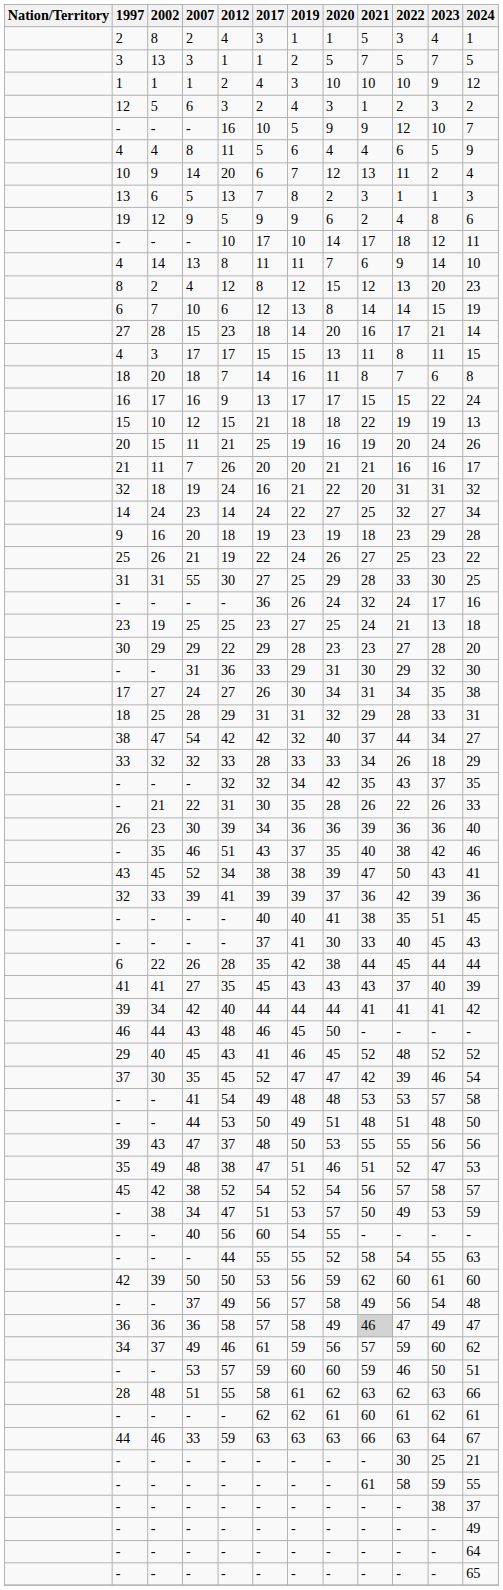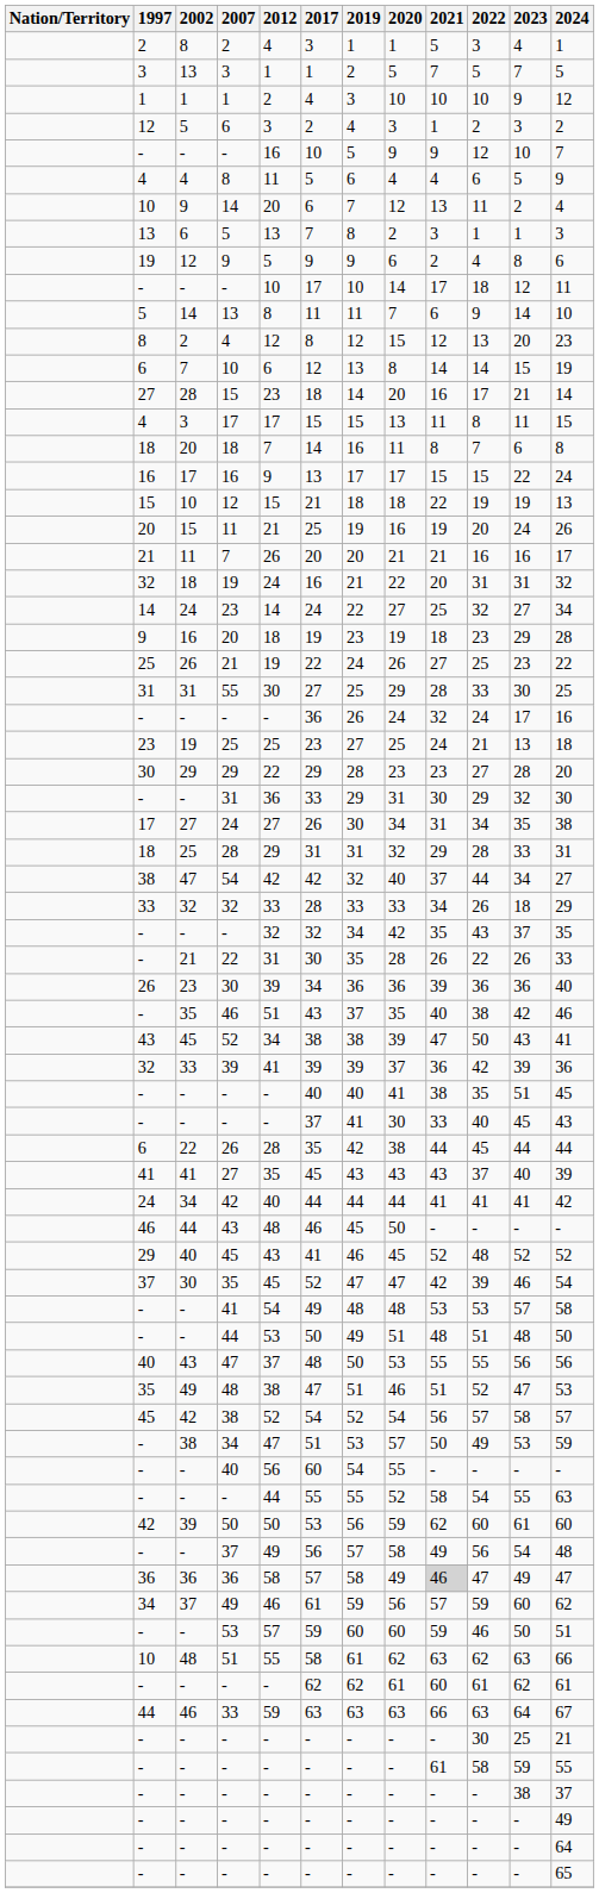 <table class="wikitable sortable">
 <tr>
 <th><strong>Nation/Territory</strong></th>
 <th><strong>1997</strong></th>
 <th><strong>2002</strong></th>
 <th><strong>2007</strong></th>
 <th><strong>2012</strong></th>
 <th><strong>2017</strong></th>
 <th><strong>2019</strong></th>
 <th>2020</th>
 <th>2021</th>
 <th>2022</th>
 <th>2023</th>
 <th>2024</th>
 </tr>
 <tr>
 <td data-sort-value="Singapore"></td>
 <td>2</td>
 <td>8</td>
 <td>2</td>
 <td>4</td>
 <td>3</td>
 <td>1</td>
 <td>1</td>
 <td>5</td>
 <td>3</td>
 <td>4</td>
 <td>1</td>
 </tr>
 <tr>
 <td data-sort-value="Hong Kong SAR"></td>
 <td>3</td>
 <td>13</td>
 <td>3</td>
 <td>1</td>
 <td>1</td>
 <td>2</td>
 <td>5</td>
 <td>7</td>
 <td>5</td>
 <td>7</td>
 <td>5</td>
 </tr>
 <tr>
 <td data-sort-value="USA"></td>
 <td>1</td>
 <td>1</td>
 <td>1</td>
 <td>2</td>
 <td>4</td>
 <td>3</td>
 <td>10</td>
 <td>10</td>
 <td>10</td>
 <td>9</td>
 <td>12</td>
 </tr>
 <tr>
 <td data-sort-value="Switzerland"></td>
 <td>12</td>
 <td>5</td>
 <td>6</td>
 <td>3</td>
 <td>2</td>
 <td>4</td>
 <td>3</td>
 <td>1</td>
 <td>2</td>
 <td>3</td>
 <td>2</td>
 </tr>
 <tr>
 <td data-sort-value="UAE"></td>
 <td data-sort-value="999">-</td>
 <td data-sort-value="999">-</td>
 <td data-sort-value="999">-</td>
 <td>16</td>
 <td>10</td>
 <td>5</td>
 <td>9</td>
 <td>9</td>
 <td>12</td>
 <td>10</td>
 <td>7</td>
 </tr>
 <tr>
 <td data-sort-value="Netherlands"></td>
 <td>4</td>
 <td>4</td>
 <td>8</td>
 <td>11</td>
 <td>5</td>
 <td>6</td>
 <td>4</td>
 <td>4</td>
 <td>6</td>
 <td>5</td>
 <td>9</td>
 </tr>
 <tr>
 <td data-sort-value="Ireland"></td>
 <td>10</td>
 <td>9</td>
 <td>14</td>
 <td>20</td>
 <td>6</td>
 <td>7</td>
 <td>12</td>
 <td>13</td>
 <td>11</td>
 <td>2</td>
 <td>4</td>
 </tr>
 <tr>
 <td data-sort-value="Denmark"></td>
 <td>13</td>
 <td>6</td>
 <td>5</td>
 <td>13</td>
 <td>7</td>
 <td>8</td>
 <td>2</td>
 <td>3</td>
 <td>1</td>
 <td>1</td>
 <td>3</td>
 </tr>
 <tr>
 <td data-sort-value="Sweden"></td>
 <td>19</td>
 <td>12</td>
 <td>9</td>
 <td>5</td>
 <td>9</td>
 <td>9</td>
 <td>6</td>
 <td>2</td>
 <td>4</td>
 <td>8</td>
 <td>6</td>
 </tr>
 <tr>
 <td data-sort-value="Qatar"></td>
 <td data-sort-value="999">-</td>
 <td data-sort-value="999">-</td>
 <td data-sort-value="999">-</td>
 <td>10</td>
 <td>17</td>
 <td>10</td>
 <td>14</td>
 <td>17</td>
 <td>18</td>
 <td>12</td>
 <td>11</td>
 </tr>
 <tr>
 <td data-sort-value="Norway"></td>
-<td>4</td>
+<td>5</td>
 <td>14</td>
 <td>13</td>
 <td>8</td>
 <td>11</td>
 <td>11</td>
 <td>7</td>
 <td>6</td>
 <td>9</td>
 <td>14</td>
 <td>10</td>
 </tr>
 <tr>
 <td data-sort-value="Luxembourg"></td>
 <td>8</td>
 <td>2</td>
 <td>4</td>
 <td>12</td>
 <td>8</td>
 <td>12</td>
 <td>15</td>
 <td>12</td>
 <td>13</td>
 <td>20</td>
 <td>23</td>
 </tr>
 <tr>
 <td data-sort-value="Canada"></td>
 <td>6</td>
 <td>7</td>
 <td>10</td>
 <td>6</td>
 <td>12</td>
 <td>13</td>
 <td>8</td>
 <td>14</td>
 <td>14</td>
 <td>15</td>
 <td>19</td>
 </tr>
 <tr>
 <td data-sort-value="China"></td>
 <td>27</td>
 <td>28</td>
 <td>15</td>
 <td>23</td>
 <td>18</td>
 <td>14</td>
 <td>20</td>
 <td>16</td>
 <td>17</td>
 <td>21</td>
 <td>14</td>
 </tr>
 <tr>
 <td data-sort-value="Finland"></td>
 <td>4</td>
 <td>3</td>
 <td>17</td>
 <td>17</td>
 <td>15</td>
 <td>15</td>
 <td>13</td>
 <td>11</td>
 <td>8</td>
 <td>11</td>
 <td>15</td>
 </tr>
 <tr>
 <td data-sort-value="Taiwan"></td>
 <td>18</td>
 <td>20</td>
 <td>18</td>
 <td>7</td>
 <td>14</td>
 <td>16</td>
 <td>11</td>
 <td>8</td>
 <td>7</td>
 <td>6</td>
 <td>8</td>
 </tr>
 <tr>
 <td data-sort-value="Germany"></td>
 <td>16</td>
 <td>17</td>
 <td>16</td>
 <td>9</td>
 <td>13</td>
 <td>17</td>
 <td>17</td>
 <td>15</td>
 <td>15</td>
 <td>22</td>
 <td>24</td>
 </tr>
 <tr>
 <td data-sort-value="Australia"></td>
 <td>15</td>
 <td>10</td>
 <td>12</td>
 <td>15</td>
 <td>21</td>
 <td>18</td>
 <td>18</td>
 <td>22</td>
 <td>19</td>
 <td>19</td>
 <td>13</td>
 </tr>
 <tr>
 <td data-sort-value="Austria"></td>
 <td>20</td>
 <td>15</td>
 <td>11</td>
 <td>21</td>
 <td>25</td>
 <td>19</td>
 <td>16</td>
 <td>19</td>
 <td>20</td>
 <td>24</td>
 <td>26</td>
 </tr>
 <tr>
 <td data-sort-value="Iceland"></td>
 <td>21</td>
 <td>11</td>
 <td>7</td>
 <td>26</td>
 <td>20</td>
 <td>20</td>
 <td>21</td>
 <td>21</td>
 <td>16</td>
 <td>16</td>
 <td>17</td>
 </tr>
 <tr>
 <td data-sort-value="New Zealand"></td>
 <td>32</td>
 <td>18</td>
 <td>19</td>
 <td>24</td>
 <td>16</td>
 <td>21</td>
 <td>22</td>
 <td>20</td>
 <td>31</td>
 <td>31</td>
 <td>32</td>
 </tr>
 <tr>
 <td data-sort-value="Malaysia"></td>
 <td>14</td>
 <td>24</td>
 <td>23</td>
 <td>14</td>
 <td>24</td>
 <td>22</td>
 <td>27</td>
 <td>25</td>
 <td>32</td>
 <td>27</td>
 <td>34</td>
 </tr>
 <tr>
 <td data-sort-value="United  Kingdom"></td>
 <td>9</td>
 <td>16</td>
 <td>20</td>
 <td>18</td>
 <td>19</td>
 <td>23</td>
 <td>19</td>
 <td>18</td>
 <td>23</td>
 <td>29</td>
 <td>28</td>
 </tr>
 <tr>
 <td data-sort-value="Israel"></td>
 <td>25</td>
 <td>26</td>
 <td>21</td>
 <td>19</td>
 <td>22</td>
 <td>24</td>
 <td>26</td>
 <td>27</td>
 <td>25</td>
 <td>23</td>
 <td>22</td>
 </tr>
 <tr>
 <td data-sort-value="Thailand"></td>
 <td>31</td>
 <td>31</td>
 <td>55</td>
 <td>30</td>
 <td>27</td>
 <td>25</td>
 <td>29</td>
 <td>28</td>
 <td>33</td>
 <td>30</td>
 <td>25</td>
 </tr>
 <tr>
 <td data-sort-value="Saudi Arabia"></td>
 <td data-sort-value="999">-</td>
 <td data-sort-value="999">-</td>
 <td data-sort-value="999">-</td>
 <td data-sort-value="999">-</td>
 <td>36</td>
 <td>26</td>
 <td>24</td>
 <td>32</td>
 <td>24</td>
 <td>17</td>
 <td>16</td>
 </tr>
 <tr>
 <td data-sort-value="Belgium"></td>
 <td>23</td>
 <td>19</td>
 <td>25</td>
 <td>25</td>
 <td>23</td>
 <td>27</td>
 <td>25</td>
 <td>24</td>
 <td>21</td>
 <td>13</td>
 <td>18</td>
 </tr>
 <tr>
 <td data-sort-value="South Korea"></td>
 <td>30</td>
 <td>29</td>
 <td>29</td>
 <td>22</td>
 <td>29</td>
 <td>28</td>
 <td>23</td>
 <td>23</td>
 <td>27</td>
 <td>28</td>
 <td>20</td>
 </tr>
 <tr>
 <td data-sort-value="Lithuania"></td>
 <td data-sort-value="999">-</td>
 <td data-sort-value="999">-</td>
 <td>31</td>
 <td>36</td>
 <td>33</td>
 <td>29</td>
 <td>31</td>
 <td>30</td>
 <td>29</td>
 <td>32</td>
 <td>30</td>
 </tr>
 <tr>
 <td data-sort-value="Japan"></td>
 <td>17</td>
 <td>27</td>
 <td>24</td>
 <td>27</td>
 <td>26</td>
 <td>30</td>
 <td>34</td>
 <td>31</td>
 <td>34</td>
 <td>35</td>
 <td>38</td>
 </tr>
 <tr>
 <td data-sort-value="France"></td>
 <td>18</td>
 <td>25</td>
 <td>28</td>
 <td>29</td>
 <td>31</td>
 <td>31</td>
 <td>32</td>
 <td>29</td>
 <td>28</td>
 <td>33</td>
 <td>31</td>
 </tr>
 <tr>
 <td data-sort-value="Indonesia"></td>
 <td>38</td>
 <td>47</td>
 <td>54</td>
 <td>42</td>
 <td>42</td>
 <td>32</td>
 <td>40</td>
 <td>37</td>
 <td>44</td>
 <td>34</td>
 <td>27</td>
 </tr>
 <tr>
 <td data-sort-value="Czech  Republic"></td>
 <td>33</td>
 <td>32</td>
 <td>32</td>
 <td>33</td>
 <td>28</td>
 <td>33</td>
 <td>33</td>
 <td>34</td>
 <td>26</td>
 <td>18</td>
 <td>29</td>
 </tr>
 <tr>
 <td data-sort-value="Kazakhstan"></td>
 <td data-sort-value="999">-</td>
 <td data-sort-value="999">-</td>
 <td data-sort-value="999">-</td>
 <td>32</td>
 <td>32</td>
 <td>34</td>
 <td>42</td>
 <td>35</td>
 <td>43</td>
 <td>37</td>
 <td>35</td>
 </tr>
 <tr>
 <td data-sort-value="Estonia"></td>
 <td data-sort-value="999">-</td>
 <td>21</td>
 <td>22</td>
 <td>31</td>
 <td>30</td>
 <td>35</td>
 <td>28</td>
 <td>26</td>
 <td>22</td>
 <td>26</td>
 <td>33</td>
 </tr>
 <tr>
 <td data-sort-value="Spain"></td>
 <td>26</td>
 <td>23</td>
 <td>30</td>
 <td>39</td>
 <td>34</td>
 <td>36</td>
 <td>36</td>
 <td>39</td>
 <td>36</td>
 <td>36</td>
 <td>40</td>
 </tr>
 <tr>
 <td data-sort-value="Slovenia"></td>
 <td data-sort-value="999">-</td>
 <td>35</td>
 <td>46</td>
 <td>51</td>
 <td>43</td>
 <td>37</td>
 <td>35</td>
 <td>40</td>
 <td>38</td>
 <td>42</td>
 <td>46</td>
 </tr>
 <tr>
 <td data-sort-value="Poland"></td>
 <td>43</td>
 <td>45</td>
 <td>52</td>
 <td>34</td>
 <td>38</td>
 <td>38</td>
 <td>39</td>
 <td>47</td>
 <td>50</td>
 <td>43</td>
 <td>41</td>
 </tr>
 <tr>
 <td data-sort-value="Portugal"></td>
 <td>32</td>
 <td>33</td>
 <td>39</td>
 <td>41</td>
 <td>39</td>
 <td>39</td>
 <td>37</td>
 <td>36</td>
 <td>42</td>
 <td>39</td>
 <td>36</td>
 </tr>
 <tr>
 <td data-sort-value="Latvia"></td>
 <td data-sort-value="999">-</td>
 <td data-sort-value="999">-</td>
 <td data-sort-value="999">-</td>
 <td data-sort-value="999">-</td>
 <td>40</td>
 <td>40</td>
 <td>41</td>
 <td>38</td>
 <td>35</td>
 <td>51</td>
 <td>45</td>
 </tr>
 <tr>
 <td data-sort-value="Cyprus"></td>
 <td data-sort-value="999">-</td>
 <td data-sort-value="999">-</td>
 <td data-sort-value="999">-</td>
 <td data-sort-value="999">-</td>
 <td>37</td>
 <td>41</td>
 <td>30</td>
 <td>33</td>
 <td>40</td>
 <td>45</td>
 <td>43</td>
 </tr>
 <tr>
 <td data-sort-value="Chile"></td>
 <td>6</td>
 <td>22</td>
 <td>26</td>
 <td>28</td>
 <td>35</td>
 <td>42</td>
 <td>38</td>
 <td>44</td>
 <td>45</td>
 <td>44</td>
 <td>44</td>
 </tr>
 <tr>
 <td data-sort-value="India"></td>
 <td>41</td>
 <td>41</td>
 <td>27</td>
 <td>35</td>
 <td>45</td>
 <td>43</td>
 <td>43</td>
 <td>43</td>
 <td>37</td>
 <td>40</td>
 <td>39</td>
 </tr>
 <tr>
 <td data-sort-value="Italy"></td>
-<td>39</td>
+<td>24</td>
 <td>34</td>
 <td>42</td>
 <td>40</td>
 <td>44</td>
 <td>44</td>
 <td>44</td>
 <td>41</td>
 <td>41</td>
 <td>41</td>
 <td>42</td>
 </tr>
 <tr>
 <td data-sort-value="Russia"></td>
 <td>46</td>
 <td>44</td>
 <td>43</td>
 <td>48</td>
 <td>46</td>
 <td>45</td>
 <td>50</td>
 <td>-</td>
 <td>-</td>
 <td>-</td>
 <td>-</td>
 </tr>
 <tr>
 <td data-sort-value="Philippines"></td>
 <td>29</td>
 <td>40</td>
 <td>45</td>
 <td>43</td>
 <td>41</td>
 <td>46</td>
 <td>45</td>
 <td>52</td>
 <td>48</td>
 <td>52</td>
 <td>52</td>
 </tr>
 <tr>
 <td data-sort-value="Hungary"></td>
 <td>37</td>
 <td>30</td>
 <td>35</td>
 <td>45</td>
 <td>52</td>
 <td>47</td>
 <td>47</td>
 <td>42</td>
 <td>39</td>
 <td>46</td>
 <td>54</td>
 </tr>
 <tr>
 <td data-sort-value="Bulgaria"></td>
 <td data-sort-value="999">-</td>
 <td data-sort-value="999">-</td>
 <td>41</td>
 <td>54</td>
 <td>49</td>
 <td>48</td>
 <td>48</td>
 <td>53</td>
 <td>53</td>
 <td>57</td>
 <td>58</td>
 </tr>
 <tr>
 <td data-sort-value="Romania"></td>
 <td data-sort-value="999">-</td>
 <td data-sort-value="999">-</td>
 <td>44</td>
 <td>53</td>
 <td>50</td>
 <td>49</td>
 <td>51</td>
 <td>48</td>
 <td>51</td>
 <td>48</td>
 <td>50</td>
 </tr>
 <tr>
 <td data-sort-value="Mexico"></td>
-<td>39</td>
+<td>40</td>
 <td>43</td>
 <td>47</td>
 <td>37</td>
 <td>48</td>
 <td>50</td>
 <td>53</td>
 <td>55</td>
 <td>55</td>
 <td>56</td>
 <td>56</td>
 </tr>
 <tr>
 <td data-sort-value="Turkey"></td>
 <td>35</td>
 <td>49</td>
 <td>48</td>
 <td>38</td>
 <td>47</td>
 <td>51</td>
 <td>46</td>
 <td>51</td>
 <td>52</td>
 <td>47</td>
 <td>53</td>
 </tr>
 <tr>
 <td data-sort-value="Colombia"></td>
 <td>45</td>
 <td>42</td>
 <td>38</td>
 <td>52</td>
 <td>54</td>
 <td>52</td>
 <td>54</td>
 <td>56</td>
 <td>57</td>
 <td>58</td>
 <td>57</td>
 </tr>
 <tr>
 <td data-sort-value="Slovak  Republic"></td>
 <td data-sort-value="999">-</td>
 <td>38</td>
 <td>34</td>
 <td>47</td>
 <td>51</td>
 <td>53</td>
 <td>57</td>
 <td>50</td>
 <td>49</td>
 <td>53</td>
 <td>59</td>
 </tr>
 <tr>
 <td data-sort-value="Ukraine"></td>
 <td data-sort-value="999">-</td>
 <td data-sort-value="999">-</td>
 <td>40</td>
 <td>56</td>
 <td>60</td>
 <td>54</td>
 <td>55</td>
 <td>-</td>
 <td>-</td>
 <td>-</td>
 <td>-</td>
 </tr>
 <tr>
 <td data-sort-value="Peru"></td>
 <td data-sort-value="999">-</td>
 <td data-sort-value="999">-</td>
 <td data-sort-value="999">-</td>
 <td>44</td>
 <td>55</td>
 <td>55</td>
 <td>52</td>
 <td>58</td>
 <td>54</td>
 <td>55</td>
 <td>63</td>
 </tr>
 <tr>
 <td data-sort-value="South Africa"></td>
 <td>42</td>
 <td>39</td>
 <td>50</td>
 <td>50</td>
 <td>53</td>
 <td>56</td>
 <td>59</td>
 <td>62</td>
 <td>60</td>
 <td>61</td>
 <td>60</td>
 </tr>
 <tr>
 <td data-sort-value="Jordan"></td>
 <td data-sort-value="999">-</td>
 <td data-sort-value="999">-</td>
 <td>37</td>
 <td>49</td>
 <td>56</td>
 <td>57</td>
 <td>58</td>
 <td>49</td>
 <td>56</td>
 <td>54</td>
 <td>48</td>
 </tr>
 <tr>
 <td data-sort-value="Greece"></td>
 <td>36</td>
 <td>36</td>
 <td>36</td>
 <td>58</td>
 <td>57</td>
 <td>58</td>
 <td>49</td>
 <td style="background: lightgrey;">46</td>
 <td>47</td>
 <td>49</td>
 <td>47</td>
 </tr>
 <tr>
 <td data-sort-value="Brazil"></td>
 <td>34</td>
 <td>37</td>
 <td>49</td>
 <td>46</td>
 <td>61</td>
 <td>59</td>
 <td>56</td>
 <td>57</td>
 <td>59</td>
 <td>60</td>
 <td>62</td>
 </tr>
 <tr>
 <td data-sort-value="Croatia"></td>
 <td data-sort-value="999">-</td>
 <td data-sort-value="999">-</td>
 <td>53</td>
 <td>57</td>
 <td>59</td>
 <td>60</td>
 <td>60</td>
 <td>59</td>
 <td>46</td>
 <td>50</td>
 <td>51</td>
 </tr>
 <tr>
 <td data-sort-value="Argentina"></td>
-<td>28</td>
+<td>10</td>
 <td>48</td>
 <td>51</td>
 <td>55</td>
 <td>58</td>
 <td>61</td>
 <td>62</td>
 <td>63</td>
 <td>62</td>
 <td>63</td>
 <td>66</td>
 </tr>
 <tr>
 <td data-sort-value="Mongolia"></td>
 <td data-sort-value="999">-</td>
 <td data-sort-value="999">-</td>
 <td data-sort-value="999">-</td>
 <td data-sort-value="999">-</td>
 <td>62</td>
 <td>62</td>
 <td>61</td>
 <td>60</td>
 <td>61</td>
 <td>62</td>
 <td>61</td>
 </tr>
 <tr>
 <td data-sort-value="Venezuela"></td>
 <td>44</td>
 <td>46</td>
 <td>33</td>
 <td>59</td>
 <td>63</td>
 <td>63</td>
 <td>63</td>
 <td>66</td>
 <td>63</td>
 <td>64</td>
 <td>67</td>
 </tr>
 <tr>
 <td></td>
 <td>-</td>
 <td>-</td>
 <td>-</td>
 <td>-</td>
 <td>-</td>
 <td>-</td>
 <td>-</td>
 <td>-</td>
 <td>30</td>
 <td>25</td>
 <td>21</td>
 </tr>
 <tr>
 <td></td>
 <td>-</td>
 <td>-</td>
 <td>-</td>
 <td>-</td>
 <td>-</td>
 <td>-</td>
 <td>-</td>
 <td>61</td>
 <td>58</td>
 <td>59</td>
 <td>55</td>
 </tr>
 <tr>
 <td></td>
 <td>-</td>
 <td>-</td>
 <td>-</td>
 <td>-</td>
 <td>-</td>
 <td>-</td>
 <td>-</td>
 <td>-</td>
 <td>-</td>
 <td>38</td>
 <td>37</td>
 </tr>
 <tr>
 <td></td>
 <td>-</td>
 <td>-</td>
 <td>-</td>
 <td>-</td>
 <td>-</td>
 <td>-</td>
 <td>-</td>
 <td>-</td>
 <td>-</td>
 <td>-</td>
 <td>49</td>
 </tr>
 <tr>
 <td></td>
 <td>-</td>
 <td>-</td>
 <td>-</td>
 <td>-</td>
 <td>-</td>
 <td>-</td>
 <td>-</td>
 <td>-</td>
 <td>-</td>
 <td>-</td>
 <td>64</td>
 </tr>
 <tr>
 <td></td>
 <td>-</td>
 <td>-</td>
 <td>-</td>
 <td>-</td>
 <td>-</td>
 <td>-</td>
 <td>-</td>
 <td>-</td>
 <td>-</td>
 <td>-</td>
 <td>65</td>
 </tr>
 <tr>
 </tr>
 </table>
